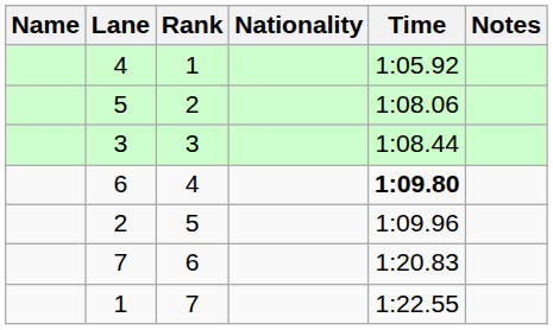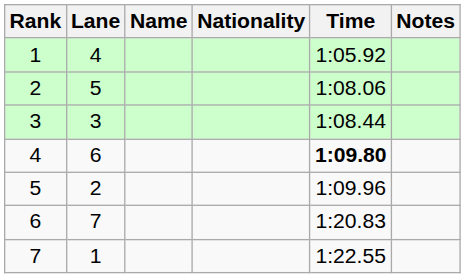 <table class="wikitable sortable" style="text-align:center">
 <tr>
+<th>Rank</th>
+<th>Lane</th>
 <th>Name</th>
-<th>Lane</th>
-<th>Rank</th>
 <th>Nationality</th>
 <th>Time</th>
 <th>Notes</th>
 </tr>
 <tr bgcolor=ccffcc>
+<td>1</td>
+<td>4</td>
 <td align=left></td>
-<td>4</td>
-<td>1</td>
 <td align=left></td>
 <td>1:05.92</td>
 <td><strong></strong></td>
 </tr>
 <tr bgcolor=ccffcc>
+<td>2</td>
+<td>5</td>
 <td align=left></td>
-<td>5</td>
-<td>2</td>
 <td align=left></td>
 <td>1:08.06</td>
 <td><strong></strong></td>
 </tr>
 <tr bgcolor=ccffcc>
-<td align=left></td>
 <td>3</td>
 <td>3</td>
+<td align=left></td>
 <td align=left></td>
 <td>1:08.44</td>
 <td><strong></strong></td>
 </tr>
 <tr>
+<td>4</td>
+<td>6</td>
 <td align=left></td>
-<td>6</td>
-<td>4</td>
 <td align=left></td>
 <td><strong>1:09.80</strong></td>
 <td></td>
 </tr>
 <tr>
+<td>5</td>
+<td>2</td>
 <td align=left></td>
-<td>2</td>
-<td>5</td>
 <td align=left></td>
 <td>1:09.96</td>
 <td></td>
 </tr>
 <tr>
+<td>6</td>
+<td>7</td>
 <td align=left></td>
-<td>7</td>
-<td>6</td>
 <td align=left></td>
 <td>1:20.83</td>
 <td></td>
 </tr>
 <tr>
+<td>7</td>
+<td>1</td>
 <td align=left></td>
-<td>1</td>
-<td>7</td>
 <td align=left></td>
 <td>1:22.55</td>
 <td></td>
 </tr>
 </table>
